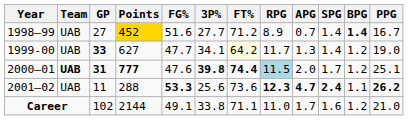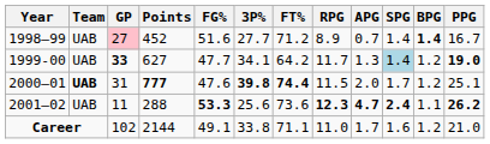 <table class="wikitable sortable">
 <tr>
 <th>Year</th>
 <th>Team</th>
 <th>GP</th>
 <th>Points</th>
 <th>FG%</th>
 <th>3P%</th>
 <th>FT%</th>
 <th>RPG</th>
 <th>APG</th>
 <th>SPG</th>
 <th>BPG</th>
 <th>PPG</th>
 </tr>
 <tr>
 <td>1998–99</td>
 <td>UAB</td>
-<td>27</td>
-<td style="background: gold;">452</td>
+<td style="background: pink;">27</td>
+<td>452</td>
 <td>51.6</td>
 <td>27.7</td>
 <td>71.2</td>
 <td>8.9</td>
 <td>0.7</td>
 <td>1.4</td>
 <td><strong>1.4</strong></td>
 <td>16.7</td>
 </tr>
 <tr>
 <td>1999-00</td>
 <td>UAB</td>
 <td><strong>33</strong></td>
 <td>627</td>
 <td>47.7</td>
 <td>34.1</td>
-<td style="background: lightyellow;">64.2</td>
+<td>64.2</td>
 <td>11.7</td>
 <td>1.3</td>
-<td>1.4</td>
+<td style="background: lightblue;">1.4</td>
 <td>1.2</td>
-<td>19.0</td>
+<td><strong>19.0</strong></td>
 </tr>
 <tr>
 <td>2000–01</td>
 <td><strong>UAB</strong></td>
-<td><strong>31</strong></td>
+<td>31</td>
 <td><strong>777</strong></td>
 <td>47.6</td>
 <td><strong>39.8</strong></td>
 <td><strong>74.4</strong></td>
-<td style="background: lightblue;">11.5</td>
+<td>11.5</td>
 <td>2.0</td>
 <td>1.7</td>
 <td>1.2</td>
 <td>25.1</td>
 </tr>
 <tr>
 <td>2001–02</td>
 <td>UAB</td>
 <td>11</td>
 <td>288</td>
 <td><strong>53.3</strong></td>
 <td>25.6</td>
 <td>73.6</td>
 <td><strong>12.3</strong></td>
 <td><strong>4.7</strong></td>
 <td><strong>2.4</strong></td>
 <td>1.1</td>
 <td><strong>26.2</strong></td>
 </tr>
 <tr class="sortbottom">
 <td align=center colspan=2><strong>Career</strong></td>
 <td>102</td>
 <td>2144</td>
 <td>49.1</td>
 <td>33.8</td>
 <td>71.1</td>
 <td>11.0</td>
 <td>1.7</td>
 <td>1.6</td>
 <td>1.2</td>
 <td>21.0</td>
 </tr>
 </table>
